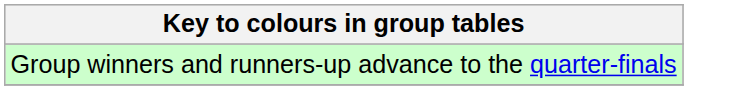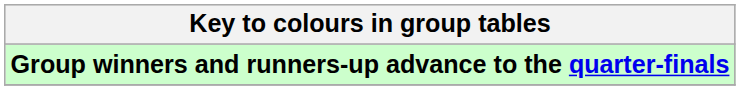 <table class="wikitable">
 <tr>
 <th>Key to colours in group tables</th>
 </tr>
 <tr bgcolor=#ccffcc>
-<td>Group winners and runners-up advance to the <a href='#'>quarter-finals</a></td>
+<td><strong>Group winners and runners-up advance to the <a href='#'>quarter-finals</a></strong></td>
 </tr>
 <tr bgcolor=#ccccff>
 </tr>
 </table>
